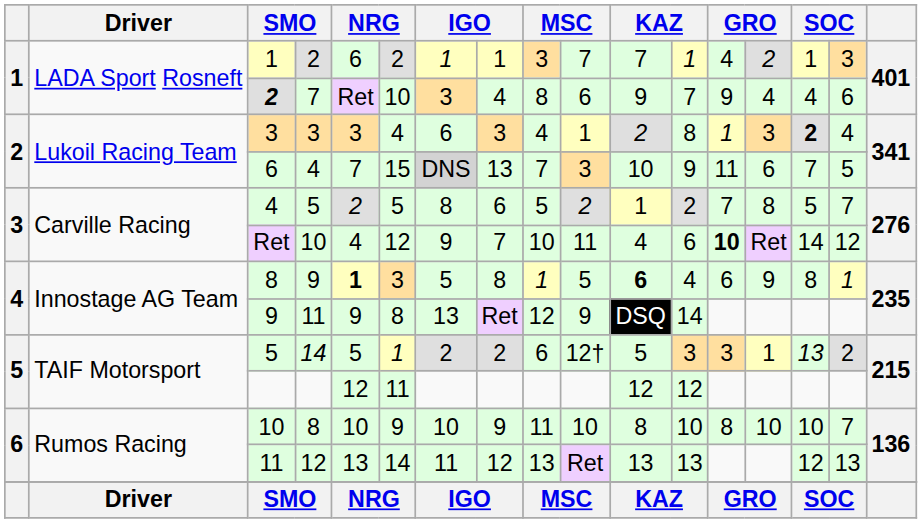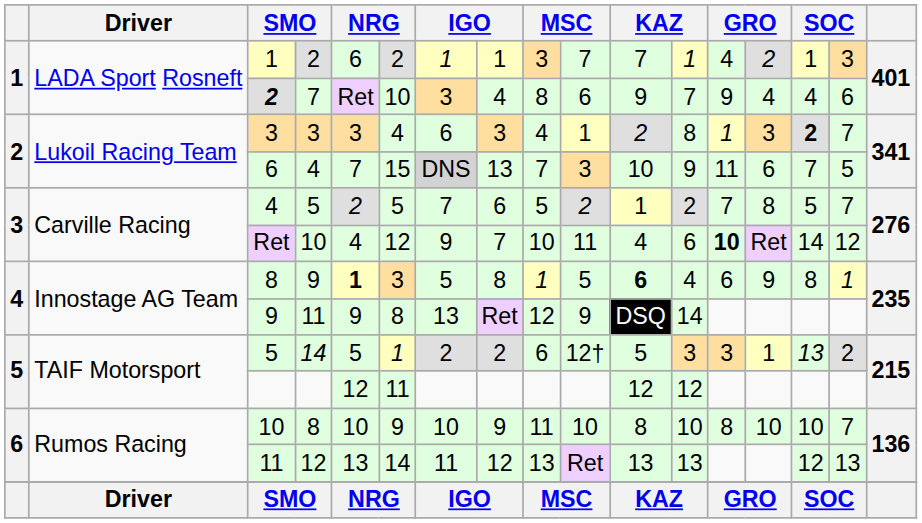 <table class="wikitable" style="font-size: 85%; text-align: center">
 <tr valign="top">
 <th valign="middle"></th>
 <th valign="middle">Driver</th>
 <th colspan=2><a href='#'>SMO</a></th>
 <th colspan=2><a href='#'>NRG</a></th>
 <th colspan=2><a href='#'>IGO</a></th>
 <th colspan=2><a href='#'>MSC</a></th>
 <th colspan=2><a href='#'>KAZ</a></th>
 <th colspan=2><a href='#'>GRO</a></th>
 <th colspan=2><a href='#'>SOC</a></th>
 <th valign="middle"></th>
 </tr>
 <tr>
 <th rowspan="2">1</th>
 <td rowspan="2" align=left><a href='#'>LADA Sport</a> <a href='#'>Rosneft</a></td>
 <td style="background:#ffffbf;">1</td>
 <td style="background:#dfdfdf;">2</td>
 <td style="background:#dfffdf;">6</td>
 <td style="background:#dfdfdf;">2</td>
 <td style="background:#ffffbf;"><em>1</em></td>
 <td style="background:#ffffbf;">1</td>
 <td style="background:#ffdf9f;">3</td>
 <td style="background:#dfffdf;">7</td>
 <td style="background:#dfffdf;">7</td>
 <td style="background:#ffffbf;"><em>1</em></td>
 <td style="background:#dfffdf;">4</td>
 <td style="background:#dfdfdf;"><em>2</em></td>
 <td style="background:#ffffbf;">1</td>
 <td style="background:#ffdf9f;">3</td>
 <th rowspan="2">401</th>
 </tr>
 <tr>
 <td style="background:#dfdfdf;"><strong><em>2</em></strong></td>
 <td style="background:#dfffdf;">7</td>
 <td style="background:#efcfff;">Ret</td>
 <td style="background:#dfffdf;">10</td>
 <td style="background:#ffdf9f;">3</td>
 <td style="background:#dfffdf;">4</td>
 <td style="background:#dfffdf;">8</td>
 <td style="background:#dfffdf;">6</td>
 <td style="background:#dfffdf;">9</td>
 <td style="background:#dfffdf;">7</td>
 <td style="background:#dfffdf;">9</td>
 <td style="background:#dfffdf;">4</td>
 <td style="background:#dfffdf;">4</td>
 <td style="background:#dfffdf;">6</td>
 </tr>
 <tr>
 <th rowspan="2">2</th>
 <td rowspan="2" align=left><a href='#'>Lukoil Racing Team</a></td>
 <td style="background:#ffdf9f;">3</td>
 <td style="background:#ffdf9f;">3</td>
 <td style="background:#ffdf9f;">3</td>
 <td style="background:#dfffdf;">4</td>
 <td style="background:#dfffdf;">6</td>
 <td style="background:#ffdf9f;">3</td>
 <td style="background:#dfffdf;">4</td>
 <td style="background:#ffffbf;">1</td>
 <td style="background:#dfdfdf;"><em>2</em></td>
 <td style="background:#dfffdf;">8</td>
 <td style="background:#ffffbf;"><em>1</em></td>
 <td style="background:#ffdf9f;">3</td>
 <td style="background:#dfdfdf;"><strong>2</strong></td>
-<td style="background:#dfffdf;">4</td>
+<td style="background:#dfffdf;">7</td>
 <th rowspan="2">341</th>
 </tr>
 <tr>
 <td style="background:#dfffdf;">6</td>
 <td style="background:#dfffdf;">4</td>
 <td style="background:#dfffdf;">7</td>
 <td style="background:#dfffdf;">15</td>
 <td style="background: lightgrey;">DNS</td>
 <td style="background:#dfffdf;">13</td>
 <td style="background:#dfffdf;">7</td>
 <td style="background:#ffdf9f;">3</td>
 <td style="background:#dfffdf;">10</td>
 <td style="background:#dfffdf;">9</td>
 <td style="background:#dfffdf;">11</td>
 <td style="background:#dfffdf;">6</td>
 <td style="background:#dfffdf;">7</td>
 <td style="background:#dfffdf;">5</td>
 </tr>
 <tr>
 <th rowspan="2">3</th>
 <td rowspan="2" align=left>Carville Racing</td>
 <td style="background:#dfffdf;">4</td>
 <td style="background:#dfffdf;">5</td>
 <td style="background:#dfdfdf;"><em>2</em></td>
 <td style="background:#dfffdf;">5</td>
-<td style="background:#dfffdf;">8</td>
+<td style="background:#dfffdf;">7</td>
 <td style="background:#dfffdf;">6</td>
 <td style="background:#dfffdf;">5</td>
 <td style="background:#dfdfdf;"><em>2</em></td>
 <td style="background:#ffffbf;">1</td>
 <td style="background:#dfdfdf;">2</td>
 <td style="background:#dfffdf;">7</td>
 <td style="background:#dfffdf;">8</td>
 <td style="background:#dfffdf;">5</td>
 <td style="background:#dfffdf;">7</td>
 <th rowspan="2">276</th>
 </tr>
 <tr>
 <td style="background:#efcfff;">Ret</td>
 <td style="background:#dfffdf;">10</td>
 <td style="background:#dfffdf;">4</td>
 <td style="background:#dfffdf;">12</td>
 <td style="background:#dfffdf;">9</td>
 <td style="background:#dfffdf;">7</td>
 <td style="background:#dfffdf;">10</td>
 <td style="background:#dfffdf;">11</td>
 <td style="background:#dfffdf;">4</td>
 <td style="background:#dfffdf;">6</td>
 <td style="background:#dfffdf;"><strong>10</strong></td>
 <td style="background:#efcfff;">Ret</td>
 <td style="background:#dfffdf;">14</td>
 <td style="background:#dfffdf;">12</td>
 </tr>
 <tr>
 <th rowspan="2">4</th>
 <td rowspan="2" align=left>Innostage AG Team</td>
 <td style="background:#dfffdf;">8</td>
 <td style="background:#dfffdf;">9</td>
 <td style="background:#ffffbf;"><strong>1</strong></td>
 <td style="background:#ffdf9f;">3</td>
 <td style="background:#dfffdf;">5</td>
 <td style="background:#dfffdf;">8</td>
 <td style="background:#ffffbf;"><em>1</em></td>
 <td style="background:#dfffdf;">5</td>
 <td style="background:#dfffdf;"><strong>6</strong></td>
 <td style="background:#dfffdf;">4</td>
 <td style="background:#dfffdf;">6</td>
 <td style="background:#dfffdf;">9</td>
 <td style="background:#dfffdf;">8</td>
 <td style="background:#ffffbf;"><em>1</em></td>
 <th rowspan="2">235</th>
 </tr>
 <tr>
 <td style="background:#dfffdf;">9</td>
 <td style="background:#dfffdf;">11</td>
 <td style="background:#dfffdf;">9</td>
 <td style="background:#dfffdf;">8</td>
 <td style="background:#dfffdf;">13</td>
 <td style="background:#efcfff;">Ret</td>
 <td style="background:#dfffdf;">12</td>
 <td style="background:#dfffdf;">9</td>
 <td style="background-color:#000000;color:white">DSQ</td>
 <td style="background:#dfffdf;">14</td>
 <td></td>
 <td></td>
 <td></td>
 <td></td>
 </tr>
 <tr>
 <th rowspan="2">5</th>
 <td rowspan="2" align=left>TAIF Motorsport</td>
 <td style="background:#dfffdf;">5</td>
 <td style="background:#dfffdf;"><em>14</em></td>
 <td style="background:#dfffdf;">5</td>
 <td style="background:#ffffbf;"><em>1</em></td>
 <td style="background:#dfdfdf;">2</td>
 <td style="background:#dfdfdf;">2</td>
 <td style="background:#dfffdf;">6</td>
 <td style="background:#dfffdf;">12†</td>
 <td style="background:#dfffdf;">5</td>
 <td style="background:#ffdf9f;">3</td>
 <td style="background:#ffdf9f;">3</td>
 <td style="background:#ffffbf;">1</td>
 <td style="background:#dfffdf;"><em>13</em></td>
 <td style="background:#dfdfdf;">2</td>
 <th rowspan="2">215</th>
 </tr>
 <tr>
 <td></td>
 <td></td>
 <td style="background:#dfffdf;">12</td>
 <td style="background:#dfffdf;">11</td>
 <td></td>
 <td></td>
 <td></td>
 <td></td>
 <td style="background:#dfffdf;">12</td>
 <td style="background:#dfffdf;">12</td>
 <td></td>
 <td></td>
 <td></td>
 <td></td>
 </tr>
 <tr>
 <th rowspan="2">6</th>
 <td rowspan="2" align=left>Rumos Racing</td>
 <td style="background:#dfffdf;">10</td>
 <td style="background:#dfffdf;">8</td>
 <td style="background:#dfffdf;">10</td>
 <td style="background:#dfffdf;">9</td>
 <td style="background:#dfffdf;">10</td>
 <td style="background:#dfffdf;">9</td>
 <td style="background:#dfffdf;">11</td>
 <td style="background:#dfffdf;">10</td>
 <td style="background:#dfffdf;">8</td>
 <td style="background:#dfffdf;">10</td>
 <td style="background:#dfffdf;">8</td>
 <td style="background:#dfffdf;">10</td>
 <td style="background:#dfffdf;">10</td>
 <td style="background:#dfffdf;">7</td>
 <th rowspan="2">136</th>
 </tr>
 <tr>
 <td style="background:#dfffdf;">11</td>
 <td style="background:#dfffdf;">12</td>
 <td style="background:#dfffdf;">13</td>
 <td style="background:#dfffdf;">14</td>
 <td style="background:#dfffdf;">11</td>
 <td style="background:#dfffdf;">12</td>
 <td style="background:#dfffdf;">13</td>
 <td style="background:#efcfff;">Ret</td>
 <td style="background:#dfffdf;">13</td>
 <td style="background:#dfffdf;">13</td>
 <td></td>
 <td></td>
 <td style="background:#dfffdf;">12</td>
 <td style="background:#dfffdf;">13</td>
 </tr>
 <tr>
 </tr>
 <tr valign="top">
 <th valign="middle"></th>
 <th valign="middle">Driver</th>
 <th colspan=2><a href='#'>SMO</a></th>
 <th colspan=2><a href='#'>NRG</a></th>
 <th colspan=2><a href='#'>IGO</a></th>
 <th colspan=2><a href='#'>MSC</a></th>
 <th colspan=2><a href='#'>KAZ</a></th>
 <th colspan=2><a href='#'>GRO</a></th>
 <th colspan=2><a href='#'>SOC</a></th>
 <th valign="middle"></th>
 </tr>
 </table>
